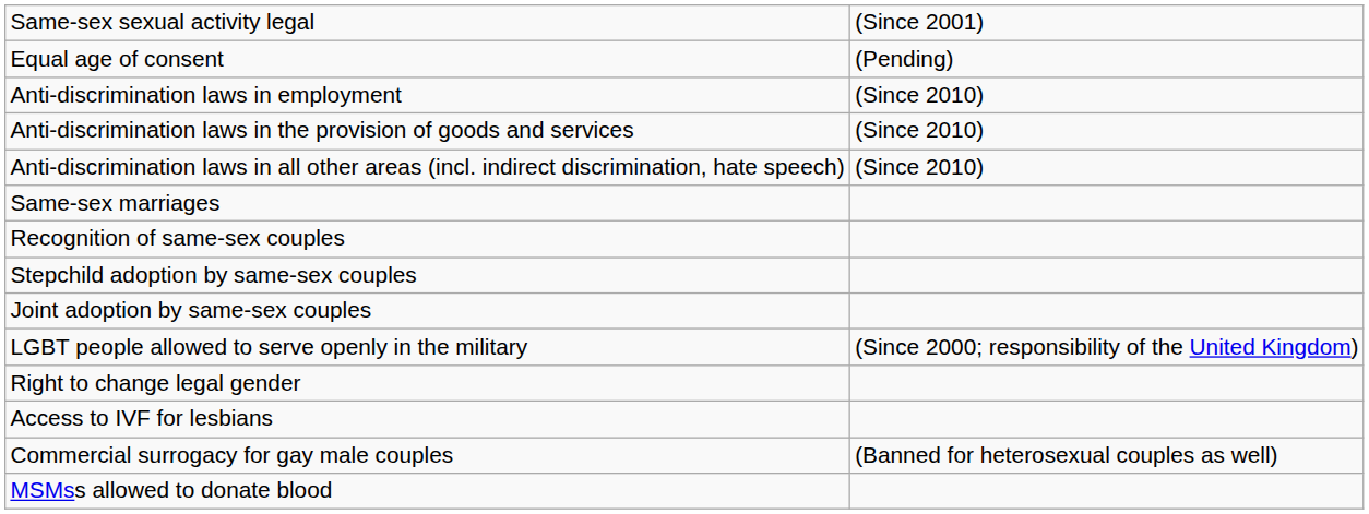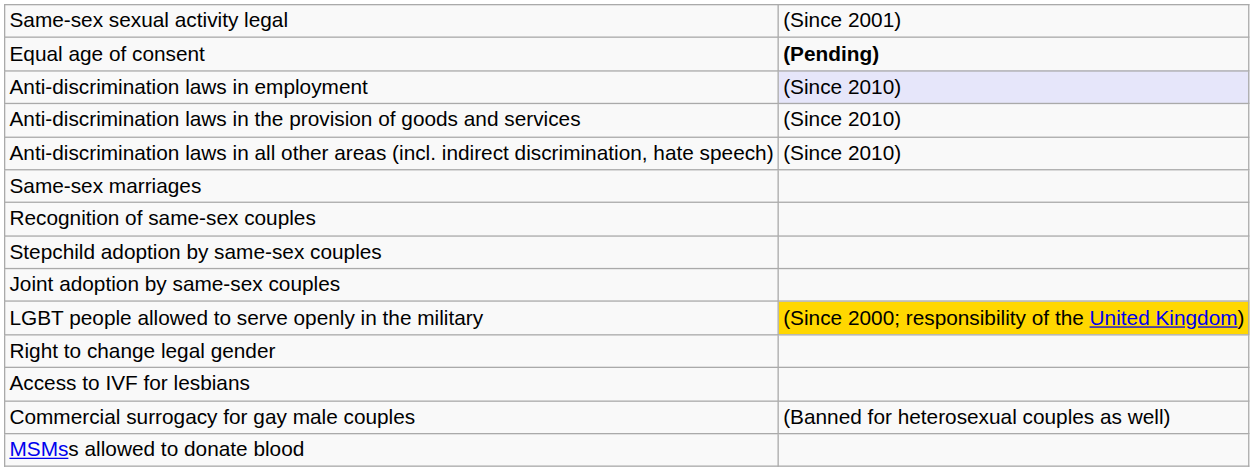 <table class="wikitable">
 <tr>
 <td>Same-sex sexual activity legal</td>
 <td> (Since 2001)</td>
 </tr>
 <tr>
 <td>Equal age of consent</td>
-<td> (Pending)</td>
+<td><strong> (Pending)</strong></td>
 </tr>
 <tr>
 <td>Anti-discrimination laws in employment</td>
-<td> (Since 2010)</td>
+<td style="background: lavender;"> (Since 2010)</td>
 </tr>
 <tr>
 <td>Anti-discrimination laws in the provision of goods and services</td>
 <td> (Since 2010)</td>
 </tr>
 <tr>
 <td>Anti-discrimination laws in all other areas (incl. indirect discrimination, hate speech)</td>
 <td> (Since 2010)</td>
 </tr>
 <tr>
 <td>Same-sex marriages</td>
 <td></td>
 </tr>
 <tr>
 <td>Recognition of same-sex couples</td>
 <td></td>
 </tr>
 <tr>
 <td>Stepchild adoption by same-sex couples</td>
 <td></td>
 </tr>
 <tr>
 <td>Joint adoption by same-sex couples</td>
 <td></td>
 </tr>
 <tr>
 <td>LGBT people allowed to serve openly in the military</td>
-<td> (Since 2000; responsibility of the <a href='#'>United Kingdom</a>)</td>
+<td style="background: gold;"> (Since 2000; responsibility of the <a href='#'>United Kingdom</a>)</td>
 </tr>
 <tr>
 <td>Right to change legal gender</td>
 <td></td>
 </tr>
 <tr>
 <td>Access to IVF for lesbians</td>
 <td></td>
 </tr>
 <tr>
 <td>Commercial surrogacy for gay male couples</td>
 <td> (Banned for heterosexual couples as well)</td>
 </tr>
 <tr>
 <td><a href='#'>MSMs</a>s allowed to donate blood</td>
 <td></td>
 </tr>
 </table>
